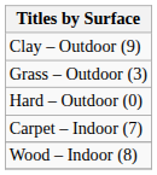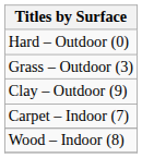 <table class="wikitable" style="display:inline-table;">
 <tr>
 <th>Titles by Surface</th>
 </tr>
 <tr>
-<td>Clay – Outdoor (9)</td>
+<td>Hard – Outdoor (0)</td>
 </tr>
 <tr>
 <td>Grass – Outdoor (3)</td>
 </tr>
 <tr>
-<td>Hard – Outdoor (0)</td>
+<td>Clay – Outdoor (9)</td>
 </tr>
 <tr>
 <td>Carpet – Indoor (7)</td>
 </tr>
 <tr>
 </tr>
 <tr>
 <td>Wood – Indoor (8)</td>
 </tr>
 <tr>
 </tr>
 </table>
